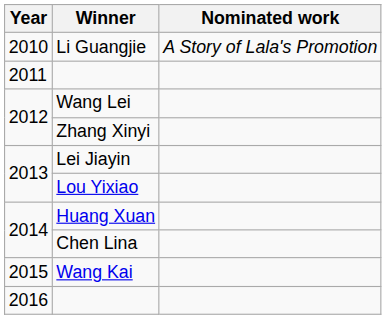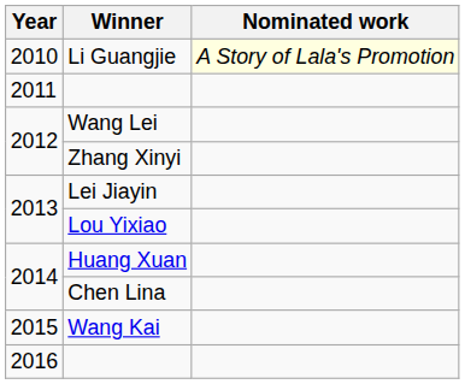 <table class="wikitable">
 <tr>
 <th>Year</th>
 <th>Winner</th>
 <th>Nominated work</th>
 </tr>
 <tr>
 <td>2010</td>
 <td>Li Guangjie</td>
-<td><em>A Story of Lala's Promotion</em></td>
+<td style="background: lightyellow;"><em>A Story of Lala's Promotion</em></td>
 </tr>
 <tr>
 <td>2011</td>
 <td></td>
 <td></td>
 </tr>
 <tr>
 <td rowspan=2>2012</td>
 <td>Wang Lei</td>
 <td></td>
 </tr>
 <tr>
 <td>Zhang Xinyi</td>
 <td></td>
 </tr>
 <tr>
 <td rowspan=2>2013</td>
 <td>Lei Jiayin</td>
 <td></td>
 </tr>
 <tr>
 <td><a href='#'>Lou Yixiao</a></td>
 <td></td>
 </tr>
 <tr>
 <td rowspan=2>2014</td>
 <td><a href='#'>Huang Xuan</a></td>
 <td></td>
 </tr>
 <tr>
 <td>Chen Lina</td>
 <td></td>
 </tr>
 <tr>
 <td>2015</td>
 <td><a href='#'>Wang Kai</a></td>
 <td></td>
 </tr>
 <tr>
 <td>2016</td>
 <td></td>
 <td></td>
 </tr>
 </table>
